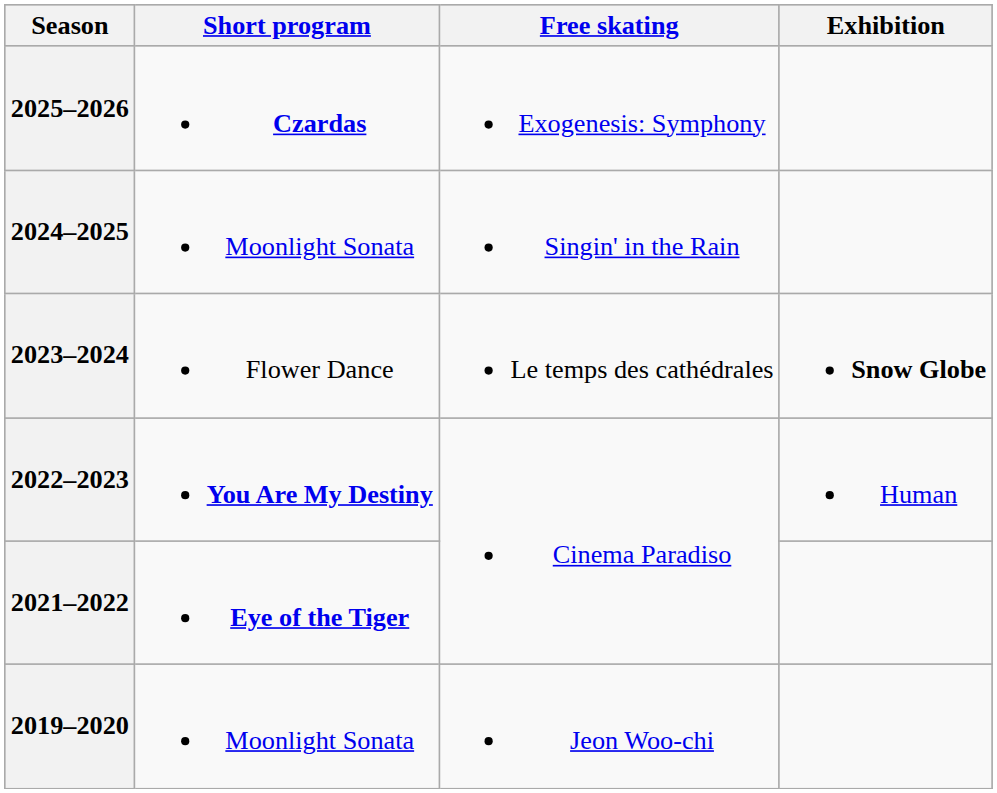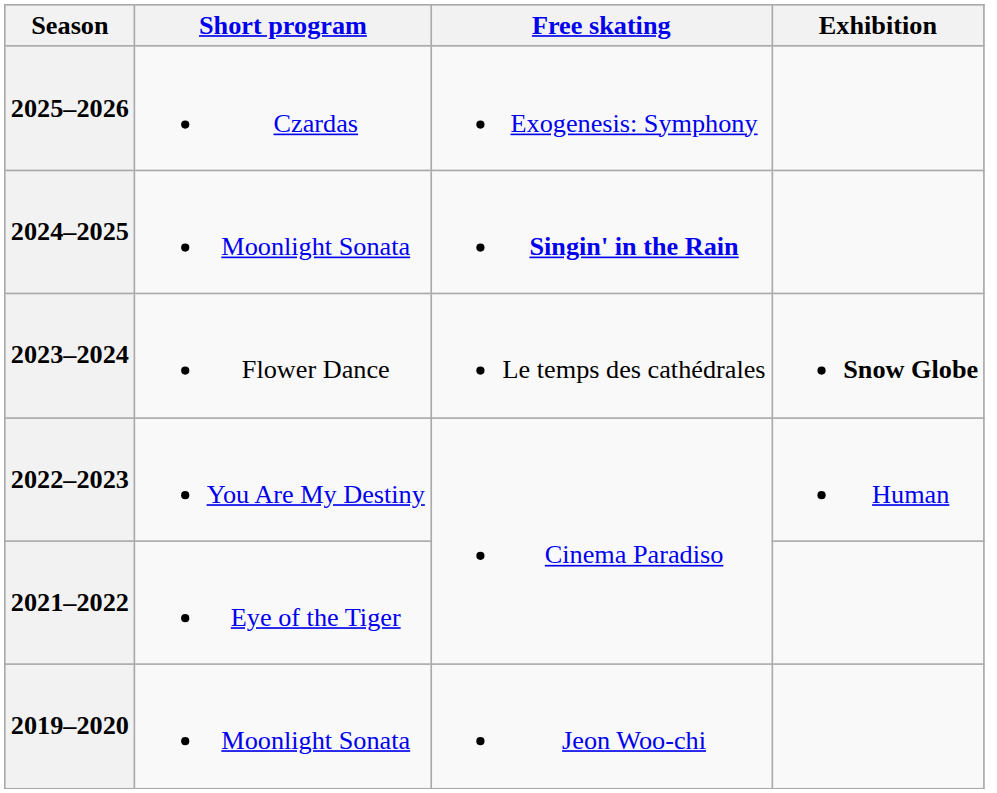 <table class=wikitable style=text-align:center>
 <tr>
 <th>Season</th>
 <th><a href='#'>Short program</a></th>
 <th><a href='#'>Free skating</a></th>
 <th>Exhibition</th>
 </tr>
 <tr>
 <th>2025–2026 <br> </th>
-<td><strong><br><ul><li><a href='#'>Czardas</a> <br> </li></ul></strong></td>
+<td><br><ul><li><a href='#'>Czardas</a> <br> </li></ul></td>
 <td><br><ul><li><a href='#'>Exogenesis: Symphony</a> <br> </li></ul></td>
 </tr>
 <tr>
 <th>2024–2025 <br> </th>
 <td><br><ul><li><a href='#'>Moonlight Sonata</a> <br> </li></ul></td>
-<td><br><ul><li><a href='#'>Singin' in the Rain</a> <br> </li></ul></td>
+<td><strong><br><ul><li><a href='#'>Singin' in the Rain</a> <br> </li></ul></strong></td>
 <td></td>
 </tr>
 <tr>
 <th>2023–2024 <br> </th>
 <td><br><ul><li>Flower Dance <br> </li></ul></td>
 <td><br><ul><li>Le temps des cathédrales <br> </li></ul></td>
 <td><strong><br><ul><li>Snow Globe <br> </li></ul></strong></td>
 </tr>
 <tr>
 <th>2022–2023 <br> </th>
-<td><strong><br><ul><li><a href='#'>You Are My Destiny</a> <br> </li></ul></strong></td>
+<td><br><ul><li><a href='#'>You Are My Destiny</a> <br> </li></ul></td>
 <td rowspan=2><br><ul><li><a href='#'>Cinema Paradiso</a> <br> </li></ul></td>
 <td><br><ul><li><a href='#'>Human</a> <br> </li></ul></td>
 </tr>
 <tr>
 <th>2021–2022</th>
-<td><strong><br><ul><li><a href='#'>Eye of the Tiger</a> <br> </li></ul></strong></td>
+<td><br><ul><li><a href='#'>Eye of the Tiger</a> <br> </li></ul></td>
 <td></td>
 </tr>
 <tr>
 <th>2019–2020</th>
 <td><br><ul><li><a href='#'>Moonlight Sonata</a> <br> </li></ul></td>
 <td><br><ul><li><a href='#'>Jeon Woo-chi</a> <br> </li></ul></td>
 <td></td>
 </tr>
 </table>
